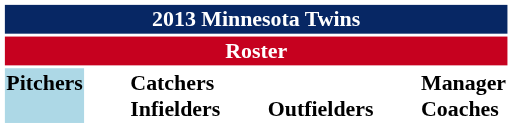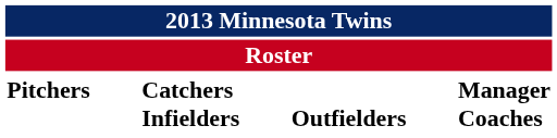 <table class="toccolours" style="font-size: 95%;">
 <tr>
 <th colspan="10" style="background:#072764; color:#fff; text-align:center;">2013 Minnesota Twins</th>
 </tr>
 <tr>
 <td colspan="10" style="background:#c6011f; color:white; text-align:center;"><strong>Roster</strong></td>
 </tr>
 <tr>
-<td valign="top" style="background: lightblue;"><strong>Pitchers</strong><br>                     </td>
+<td valign="top"><strong>Pitchers</strong><br>                     </td>
 <td style="width:25px;"></td>
 <td valign="top"><strong>Catchers</strong><br>      <strong>Infielders</strong>        </td>
 <td style="width:25px;"></td>
 <td valign="top"><br><strong>Outfielders</strong>        </td>
 <td style="width:25px;"></td>
 <td valign="top"><strong>Manager</strong><br> <strong>Coaches</strong>              </td>
 </tr>
 </table>
